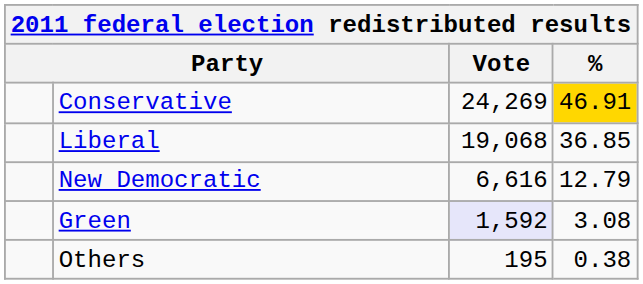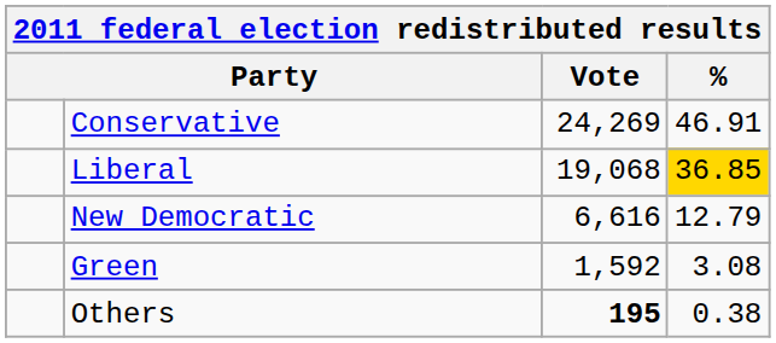 <table class="wikitable">
 <tr>
 <th colspan="4"><a href='#'>2011 federal election</a> redistributed results</th>
 </tr>
 <tr>
 <th bgcolor="#DDDDFF" width="130px" colspan="2">Party</th>
 <th bgcolor="#DDDDFF" width="50px">Vote</th>
 <th bgcolor="#DDDDFF" width="30px">%</th>
 </tr>
 <tr>
 <td> </td>
 <td><a href='#'>Conservative</a></td>
 <td align=right>24,269</td>
-<td align=right style="background: gold;">46.91</td>
+<td align=right>46.91</td>
 </tr>
 <tr>
 <td> </td>
 <td><a href='#'>Liberal</a></td>
 <td align=right>19,068</td>
-<td align=right>36.85</td>
+<td align=right style="background: gold;">36.85</td>
 </tr>
 <tr>
 <td> </td>
 <td><a href='#'>New Democratic</a></td>
 <td align=right>6,616</td>
 <td align=right>12.79</td>
 </tr>
 <tr>
 <td> </td>
 <td><a href='#'>Green</a></td>
-<td align=right style="background: lavender;">1,592</td>
+<td align=right>1,592</td>
 <td align=right>3.08</td>
 </tr>
 <tr>
 <td> </td>
 <td>Others</td>
-<td align=right>195</td>
+<td align=right><strong>195</strong></td>
 <td align=right>0.38</td>
 </tr>
 </table>
